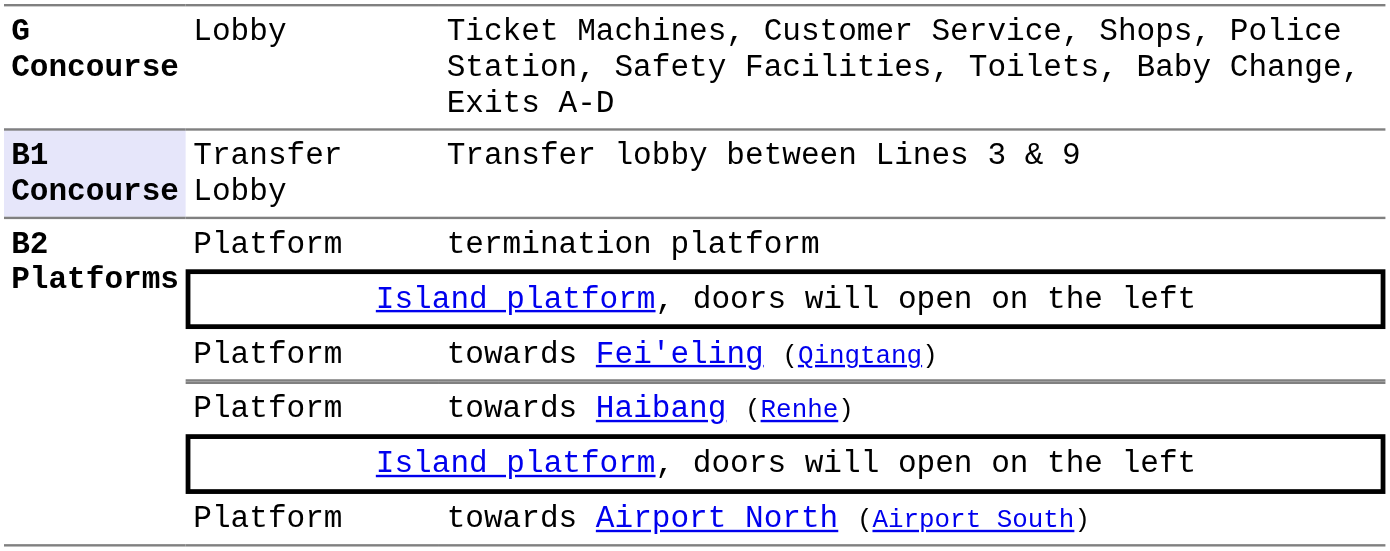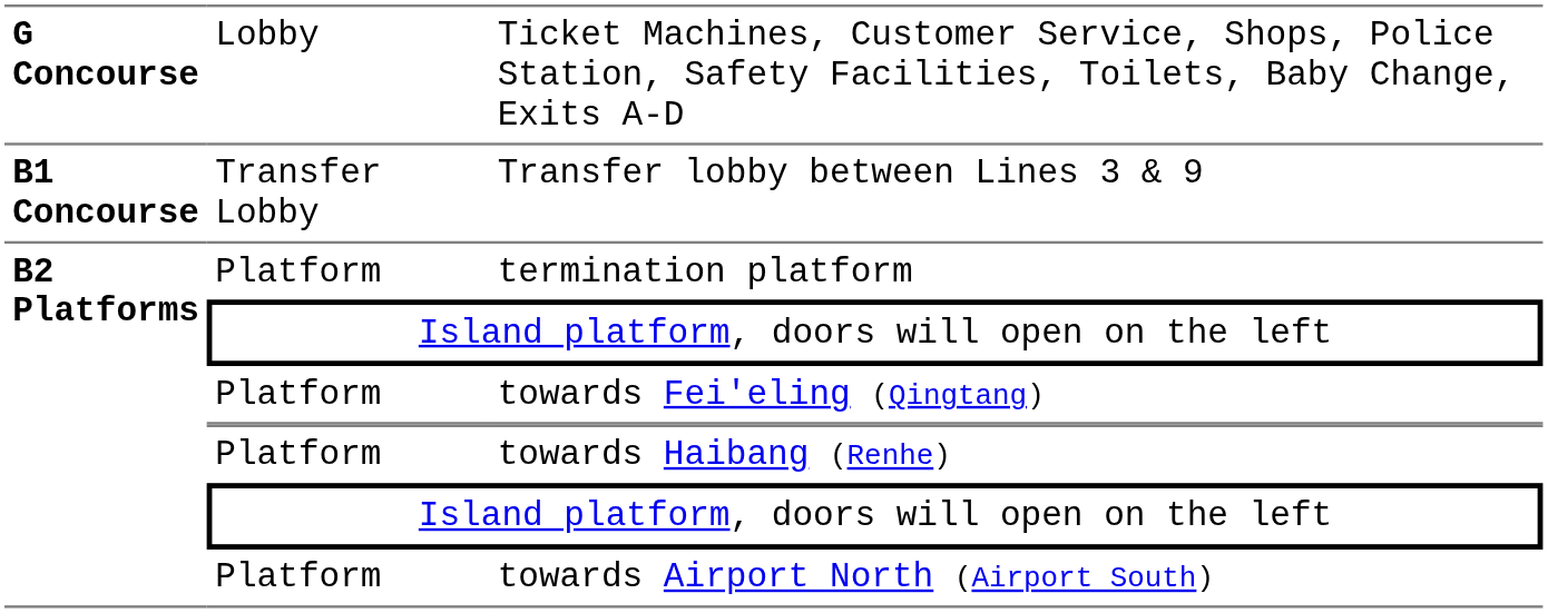 <table table border=0 cellspacing=0 cellpadding=3>
 <tr>
 <td style="border-bottom:solid 0px gray; border-top:solid 1px gray;" valign=top width=50><strong>G<br>Concourse</strong></td>
 <td style="border-bottom:solid 0px gray; border-top:solid 1px gray;" valign=top width=100>Lobby</td>
 <td style="border-bottom:solid 0px gray; border-top:solid 1px gray;" valign=top width=390>Ticket Machines, Customer Service, Shops, Police Station, Safety Facilities, Toilets, Baby Change, Exits A-D</td>
 </tr>
 <tr>
-<td style="background: lavender; border-bottom:solid 0px gray; border-top:solid 1px gray;" valign=top width=50><strong>B1<br>Concourse</strong></td>
+<td style="border-bottom:solid 0px gray; border-top:solid 1px gray;" valign=top width=50><strong>B1<br>Concourse</strong></td>
 <td style="border-bottom:solid 0px gray; border-top:solid 1px gray;" valign=top width=100>Transfer Lobby</td>
 <td style="border-bottom:solid 0px gray; border-top:solid 1px gray;" valign=top width=390>Transfer lobby between Lines 3 & 9</td>
 </tr>
 <tr>
 <td rowspan="6" style="border-top:solid 1px gray;border-bottom:solid 1px gray;" valign="top"><strong>B2<br>Platforms</strong></td>
 <td style="border-top:solid 1px gray;" width=100>Platform </td>
 <td style="border-top:solid 1px gray;" width=390><span></span>  termination platform</td>
 </tr>
 <tr>
 <td style="border-top:solid 2px black;border-right:solid 2px black;border-left:solid 2px black;border-bottom:solid 2px black;text-align:center;" colspan=2><a href='#'>Island platform</a>,  doors will open on the left</td>
 </tr>
 <tr>
 <td style="border-bottom:solid 1px gray;">Platform </td>
 <td style="border-bottom:solid 1px gray;"><span></span>  towards <a href='#'>Fei'eling</a> <small>(<a href='#'>Qingtang</a>)</small> </td>
 </tr>
 <tr>
 <td style="border-top:solid 1px gray;" width=100>Platform </td>
 <td style="border-top:solid 1px gray;" width=390>  towards <a href='#'>Haibang</a> <small>(<a href='#'>Renhe</a>)</small></td>
 </tr>
 <tr>
 <td style="border-top:solid 2px black;border-right:solid 2px black;border-left:solid 2px black;border-bottom:solid 2px black;text-align:center;" colspan=2><a href='#'>Island platform</a>,  doors will open on the left</td>
 </tr>
 <tr>
 <td style="border-bottom:solid 1px gray;">Platform </td>
 <td style="border-bottom:solid 1px gray;"><span></span>  towards <a href='#'>Airport North</a> <small>(<a href='#'>Airport South</a>)</small> </td>
 </tr>
 </table>
